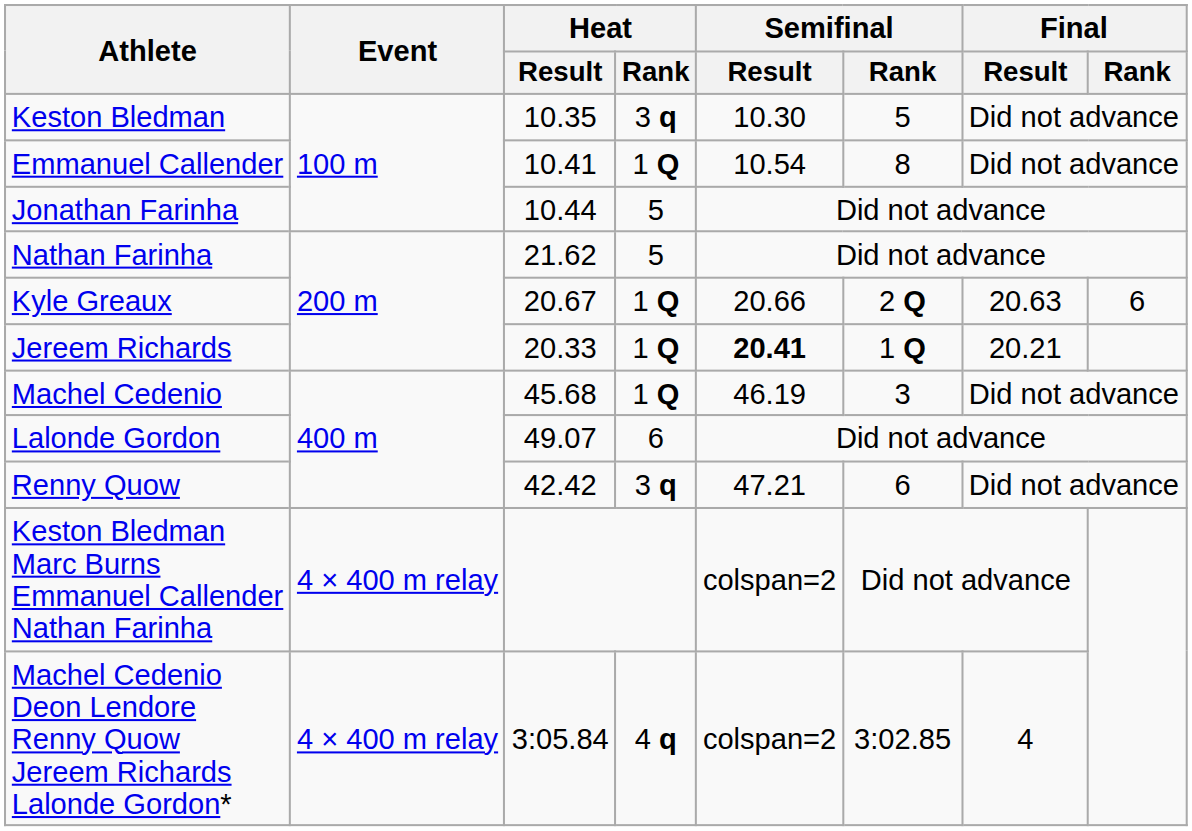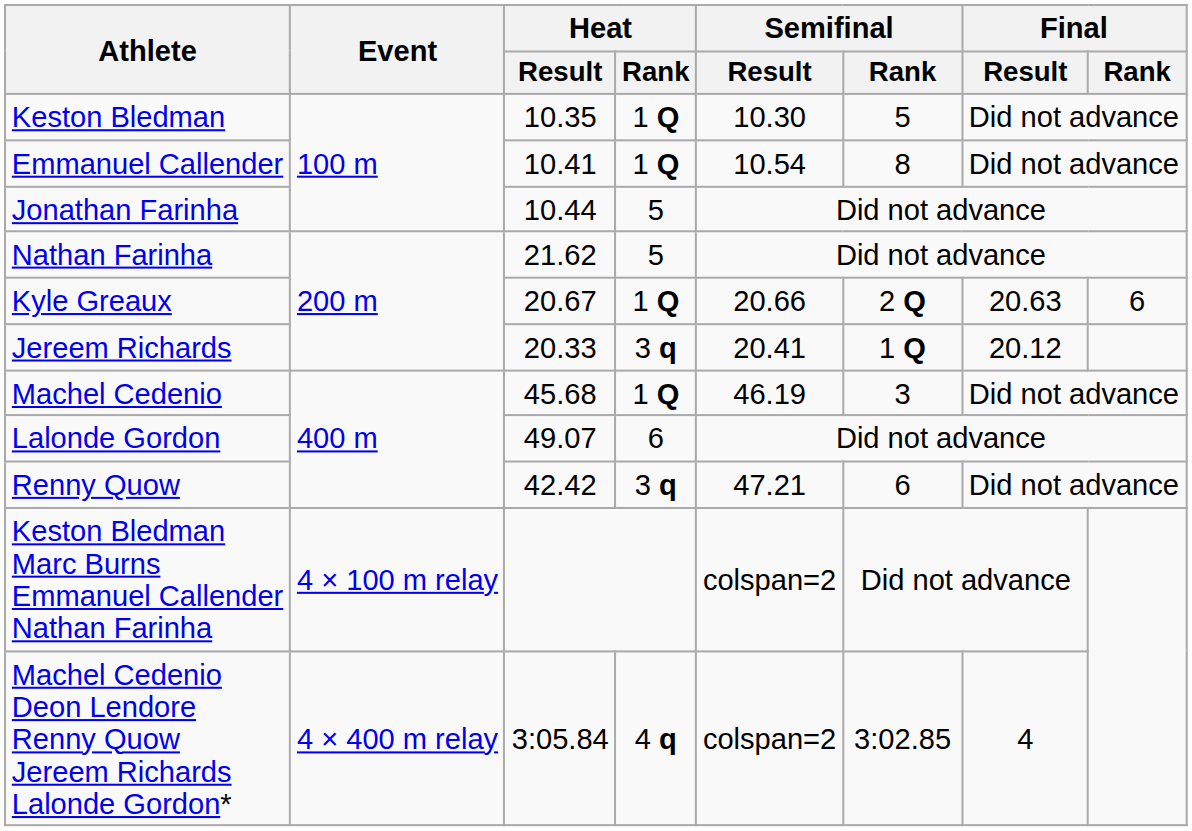 <table class="wikitable" style="font-size:90%">
 <tr>
 <th rowspan=2>Athlete</th>
 <th rowspan=2>Event</th>
 <th colspan=2>Heat</th>
 <th colspan=2>Semifinal</th>
 <th colspan=2>Final</th>
 </tr>
 <tr style="font-size:95%">
 <th>Result</th>
 <th>Rank</th>
 <th>Result</th>
 <th>Rank</th>
 <th>Result</th>
 <th>Rank</th>
 </tr>
 <tr align=center>
 <td align=left><a href='#'>Keston Bledman</a></td>
 <td align=left rowspan=3><a href='#'>100 m</a></td>
 <td>10.35</td>
-<td>3 <strong>q</strong></td>
+<td>1 <strong>Q</strong></td>
 <td>10.30</td>
 <td>5</td>
 <td colspan=2>Did not advance</td>
 </tr>
 <tr align=center>
 <td align=left><a href='#'>Emmanuel Callender</a></td>
 <td>10.41</td>
 <td>1 <strong>Q</strong></td>
 <td>10.54</td>
 <td>8</td>
 <td colspan=2>Did not advance</td>
 </tr>
 <tr align=center>
 <td align=left><a href='#'>Jonathan Farinha</a></td>
 <td>10.44</td>
 <td>5</td>
 <td colspan=4>Did not advance</td>
 </tr>
 <tr align=center>
 <td align=left><a href='#'>Nathan Farinha</a></td>
 <td align=left rowspan=3><a href='#'>200 m</a></td>
 <td>21.62</td>
 <td>5</td>
 <td colspan=4>Did not advance</td>
 </tr>
 <tr align=center>
 <td align=left><a href='#'>Kyle Greaux</a></td>
 <td>20.67</td>
 <td>1 <strong>Q</strong></td>
 <td>20.66</td>
 <td>2 <strong>Q</strong></td>
 <td>20.63</td>
 <td>6</td>
 </tr>
 <tr align=center>
 <td align=left><a href='#'>Jereem Richards</a></td>
 <td>20.33</td>
+<td>3 <strong>q</strong></td>
+<td>20.41</td>
 <td>1 <strong>Q</strong></td>
-<td><strong>20.41</strong></td>
-<td>1 <strong>Q</strong></td>
-<td>20.21</td>
+<td>20.12</td>
 <td></td>
 </tr>
 <tr align=center>
 <td align=left><a href='#'>Machel Cedenio</a></td>
 <td align=left rowspan=3><a href='#'>400 m</a></td>
 <td>45.68</td>
 <td>1 <strong>Q</strong></td>
 <td>46.19</td>
 <td>3</td>
 <td colspan=2>Did not advance</td>
 </tr>
 <tr align=center>
 <td align=left><a href='#'>Lalonde Gordon</a></td>
 <td>49.07</td>
 <td>6</td>
 <td colspan=4>Did not advance</td>
 </tr>
 <tr align=center>
 <td align=left><a href='#'>Renny Quow</a></td>
 <td>42.42</td>
 <td>3 <strong>q</strong></td>
 <td>47.21</td>
 <td>6</td>
 <td colspan=2>Did not advance</td>
 </tr>
 <tr align=center>
 <td align=left><a href='#'>Keston Bledman</a><br><a href='#'>Marc Burns</a><br><a href='#'>Emmanuel Callender</a><br><a href='#'>Nathan Farinha</a></td>
-<td align=left><a href='#'>4 × 400 m relay</a></td>
+<td align=left><a href='#'>4 × 100 m relay</a></td>
 <td colspan=2></td>
 <td>colspan=2 </td>
 <td colspan=2>Did not advance</td>
 </tr>
 <tr align=center>
 <td align=left><a href='#'>Machel Cedenio</a><br><a href='#'>Deon Lendore</a><br><a href='#'>Renny Quow</a><br><a href='#'>Jereem Richards</a><br><a href='#'>Lalonde Gordon</a>*</td>
 <td align=left><a href='#'>4 × 400 m relay</a></td>
 <td>3:05.84</td>
 <td>4 <strong>q</strong></td>
 <td>colspan=2 </td>
 <td>3:02.85</td>
 <td>4</td>
 </tr>
 </table>
